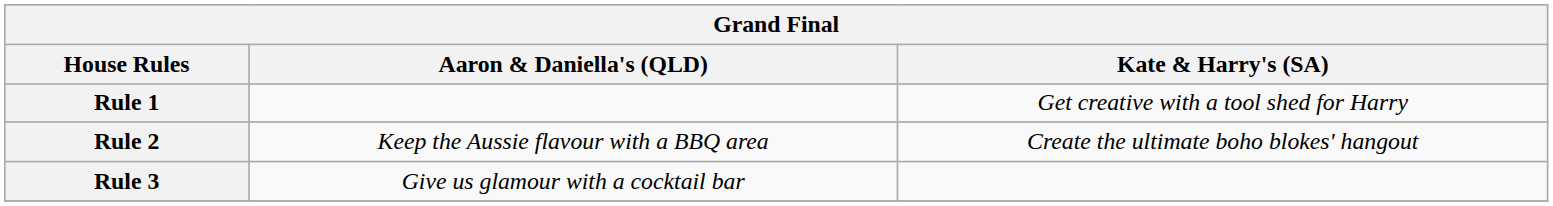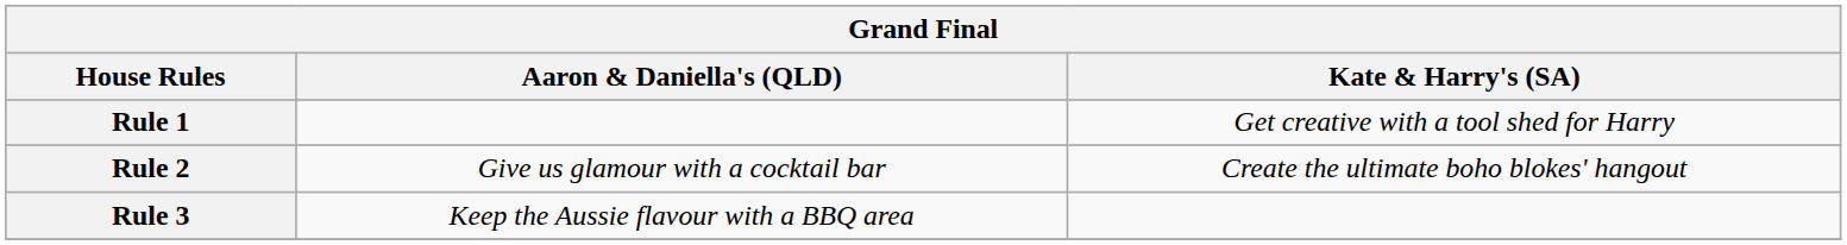 <table class="wikitable plainrowheaders" style="text-align:center; font-size:90%; width:65em;">
 <tr>
 <th colspan="3" >Grand Final</th>
 </tr>
 <tr>
 <th style="width:15%;">House Rules</th>
 <th style="width:40%;">Aaron & Daniella's (QLD)</th>
 <th style="width:40%;">Kate & Harry's (SA)</th>
 </tr>
 <tr>
 <th>Rule 1</th>
 <td></td>
 <td><em>Get creative with a tool shed for Harry</em></td>
 </tr>
 <tr>
 <th>Rule 2</th>
-<td><em>Keep the Aussie flavour with a BBQ area</em></td>
+<td><em>Give us glamour with a cocktail bar</em></td>
 <td><em>Create the ultimate boho blokes' hangout</em></td>
 </tr>
 <tr>
 <th>Rule 3</th>
-<td><em>Give us glamour with a cocktail bar</em></td>
+<td><em>Keep the Aussie flavour with a BBQ area</em></td>
 <td></td>
 </tr>
 <tr>
 </tr>
 </table>
